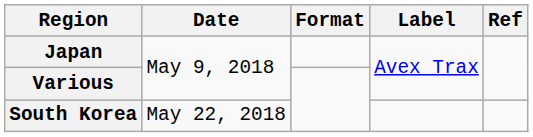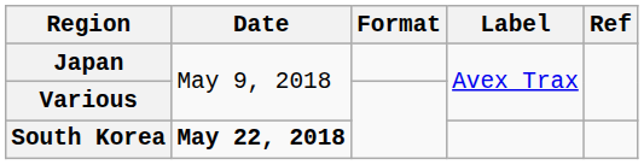 <table class="wikitable plainrowheaders">
 <tr>
 <th>Region</th>
 <th>Date</th>
 <th>Format</th>
 <th>Label</th>
 <th>Ref</th>
 </tr>
 <tr>
 <th scope="row">Japan</th>
 <td rowspan="2">May 9, 2018</td>
 <td></td>
 <td rowspan="2"><a href='#'>Avex Trax</a></td>
 <td rowspan="2"></td>
 </tr>
 <tr>
 <th scope="row">Various </th>
 <td rowspan="2"></td>
 </tr>
 <tr>
 <th scope="row">South Korea</th>
-<td>May 22, 2018</td>
+<td><strong>May 22, 2018</strong></td>
 <td></td>
 <td></td>
 </tr>
 </table>
